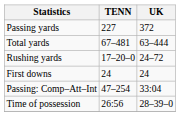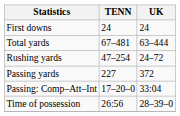 <table class="wikitable" style="float: left;">
 <tr>
 <th>Statistics</th>
 <th>TENN</th>
 <th>UK</th>
 </tr>
 <tr>
-<td>Passing yards</td>
-<td>227</td>
-<td>372</td>
+<td>First downs</td>
+<td>24</td>
+<td>24</td>
 </tr>
 <tr>
 <td>Total yards</td>
 <td>67–481</td>
 <td>63–444</td>
 </tr>
 <tr>
 <td>Rushing yards</td>
-<td>17–20–0</td>
+<td>47–254</td>
 <td>24–72</td>
 </tr>
 <tr>
-<td>First downs</td>
-<td>24</td>
-<td>24</td>
+<td>Passing yards</td>
+<td>227</td>
+<td>372</td>
 </tr>
 <tr>
 <td>Passing: Comp–Att–Int</td>
-<td>47–254</td>
+<td>17–20–0</td>
 <td>33:04</td>
 </tr>
 <tr>
 <td>Time of possession</td>
 <td>26:56</td>
 <td>28–39–0</td>
 </tr>
 <tr>
 </tr>
 </table>
